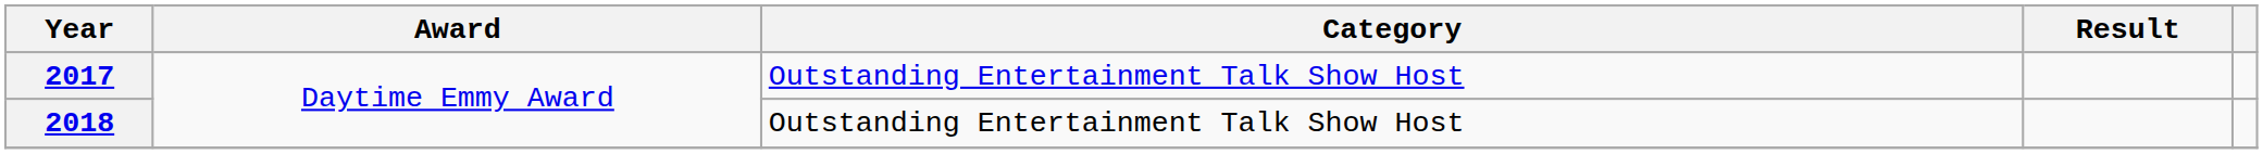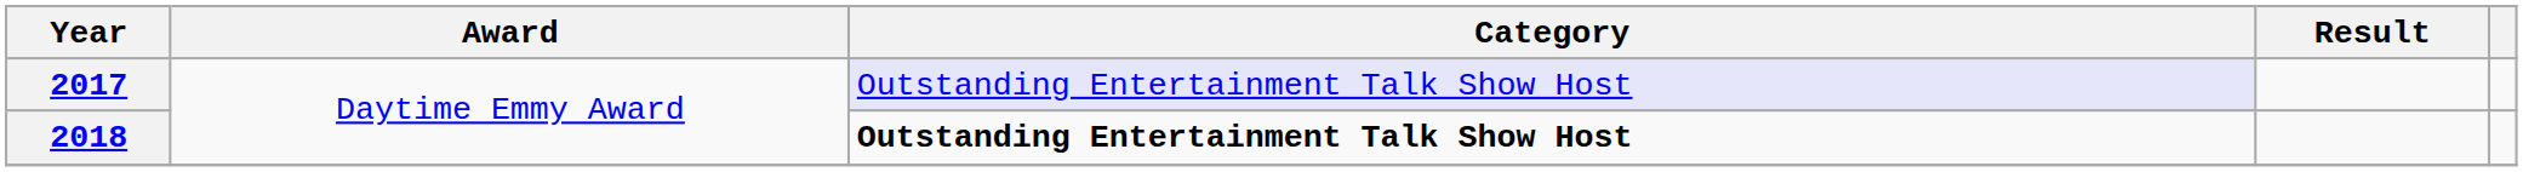 <table class="wikitable plainrowheaders" style="width:80%;">
 <tr>
 <th>Year</th>
 <th style="width:27%;" scope="col">Award</th>
 <th>Category</th>
 <th>Result</th>
 <th></th>
 </tr>
 <tr>
 <th scope="row"><a href='#'>2017</a></th>
 <td style="text-align:center;" rowspan="2"><a href='#'>Daytime Emmy Award</a></td>
-<td><a href='#'>Outstanding Entertainment Talk Show Host</a><br></td>
+<td style="background: lavender;"><a href='#'>Outstanding Entertainment Talk Show Host</a><br></td>
 <td></td>
 <td style="text-align:center;"></td>
 </tr>
 <tr>
 <th scope="row"><a href='#'>2018</a></th>
-<td>Outstanding Entertainment Talk Show Host<br></td>
+<td><strong>Outstanding Entertainment Talk Show Host<br></strong></td>
 <td></td>
 <td style="text-align:center;"></td>
 </tr>
 <tr>
 </tr>
 </table>
